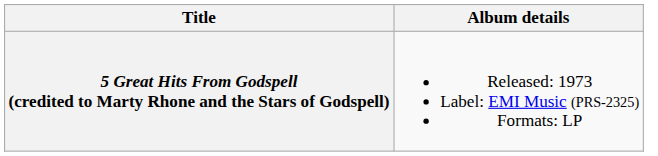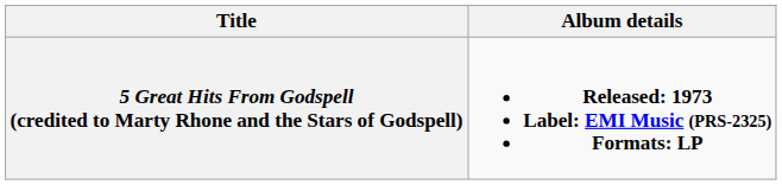 <table class="wikitable plainrowheaders" style="text-align:center;">
 <tr>
 <th>Title</th>
 <th>Album details</th>
 </tr>
 <tr>
 <th scope="row"><em>5 Great Hits From Godspell</em> <br> (credited to Marty Rhone and the Stars of Godspell)</th>
-<td><br><ul><li>Released: 1973</li><li>Label: <a href='#'>EMI Music</a> <small>(PRS-2325)</small></li><li>Formats: LP</li></ul></td>
+<td><strong><br><ul><li>Released: 1973</li><li>Label: <a href='#'>EMI Music</a> <small>(PRS-2325)</small></li><li>Formats: LP</li></ul></strong></td>
 </tr>
 </table>
